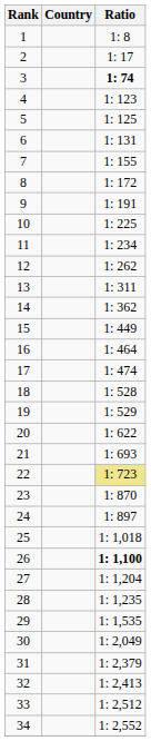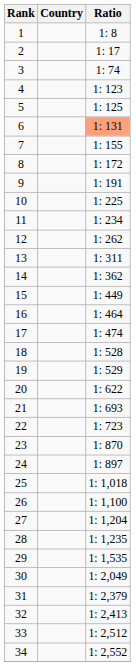 <table class="wikitable" style="text-align:center">
 <tr>
 <th>Rank</th>
 <th>Country</th>
 <th>Ratio</th>
 </tr>
 <tr>
 <td>1</td>
 <td align="left"></td>
 <td>1: 8</td>
 </tr>
 <tr>
 <td>2</td>
 <td align="left"></td>
 <td>1: 17</td>
 </tr>
 <tr>
 <td>3</td>
 <td align="left"></td>
-<td><strong>1: 74</strong></td>
+<td>1: 74</td>
 </tr>
 <tr>
 <td>4</td>
 <td align="left"></td>
 <td>1: 123</td>
 </tr>
 <tr>
 <td>5</td>
 <td align="left"></td>
 <td>1: 125</td>
 </tr>
 <tr>
 <td>6</td>
 <td align="left"></td>
-<td>1: 131</td>
+<td style="background: lightsalmon;">1: 131</td>
 </tr>
 <tr>
 <td>7</td>
 <td align="left"></td>
 <td>1: 155</td>
 </tr>
 <tr>
 <td>8</td>
 <td align="left"></td>
 <td>1: 172</td>
 </tr>
 <tr>
 <td>9</td>
 <td align="left"></td>
 <td>1: 191</td>
 </tr>
 <tr>
 <td>10</td>
 <td align="left"></td>
 <td>1: 225</td>
 </tr>
 <tr>
 <td>11</td>
 <td align="left"></td>
 <td>1: 234</td>
 </tr>
 <tr>
 <td>12</td>
 <td align="left"></td>
 <td>1: 262</td>
 </tr>
 <tr>
 <td>13</td>
 <td align="left"></td>
 <td>1: 311</td>
 </tr>
 <tr>
 <td>14</td>
 <td align="left"></td>
 <td>1: 362</td>
 </tr>
 <tr>
 <td>15</td>
 <td align="left"></td>
 <td>1: 449</td>
 </tr>
 <tr>
 <td>16</td>
 <td align="left"></td>
 <td>1: 464</td>
 </tr>
 <tr>
 <td>17</td>
 <td align="left"></td>
 <td>1: 474</td>
 </tr>
 <tr>
 <td>18</td>
 <td align="left"></td>
 <td>1: 528</td>
 </tr>
 <tr>
 <td>19</td>
 <td align="left"></td>
 <td>1: 529</td>
 </tr>
 <tr>
 <td>20</td>
 <td align="left"></td>
 <td>1: 622</td>
 </tr>
 <tr>
 <td>21</td>
 <td align="left"></td>
 <td>1: 693</td>
 </tr>
 <tr>
 <td>22</td>
 <td align="left"></td>
-<td style="background: khaki;">1: 723</td>
+<td>1: 723</td>
 </tr>
 <tr>
 <td>23</td>
 <td align="left"></td>
 <td>1: 870</td>
 </tr>
 <tr>
 <td>24</td>
 <td align="left"></td>
 <td>1: 897</td>
 </tr>
 <tr>
 <td>25</td>
 <td align="left"></td>
 <td>1: 1,018</td>
 </tr>
 <tr>
 <td>26</td>
 <td align="left"></td>
-<td><strong>1: 1,100</strong></td>
+<td>1: 1,100</td>
 </tr>
 <tr>
 <td>27</td>
 <td align="left"></td>
 <td>1: 1,204</td>
 </tr>
 <tr>
 <td>28</td>
 <td align="left"></td>
 <td>1: 1,235</td>
 </tr>
 <tr>
 <td>29</td>
 <td align="left"></td>
 <td>1: 1,535</td>
 </tr>
 <tr>
 <td>30</td>
 <td align="left"></td>
 <td>1: 2,049</td>
 </tr>
 <tr>
 <td>31</td>
 <td align="left"></td>
 <td>1: 2,379</td>
 </tr>
 <tr>
 <td>32</td>
 <td align="left"></td>
 <td>1: 2,413</td>
 </tr>
 <tr>
 <td>33</td>
 <td align="left"></td>
 <td>1: 2,512</td>
 </tr>
 <tr>
 <td>34</td>
 <td align="left"></td>
 <td>1: 2,552</td>
 </tr>
 <tr>
 </tr>
 </table>
